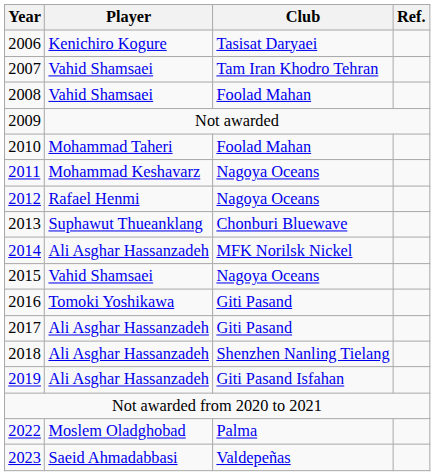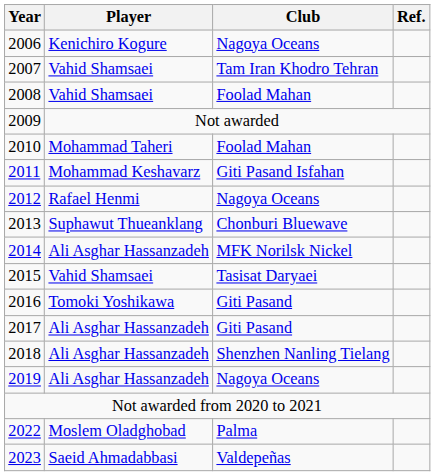 <table class="wikitable">
 <tr>
 <th>Year</th>
 <th>Player</th>
 <th>Club</th>
 <th>Ref.</th>
 </tr>
 <tr>
 <td>2006</td>
 <td> <a href='#'>Kenichiro Kogure</a></td>
-<td> <a href='#'>Tasisat Daryaei</a></td>
+<td> <a href='#'>Nagoya Oceans</a></td>
 <td></td>
 </tr>
 <tr>
 <td>2007</td>
 <td> <a href='#'>Vahid Shamsaei</a></td>
 <td> <a href='#'>Tam Iran Khodro Tehran</a></td>
 <td></td>
 </tr>
 <tr>
 <td>2008</td>
 <td> <a href='#'>Vahid Shamsaei</a></td>
 <td> <a href='#'>Foolad Mahan</a></td>
 <td></td>
 </tr>
 <tr>
 <td>2009</td>
 <td colspan=3 align=center>Not awarded</td>
 </tr>
 <tr>
 <td>2010</td>
 <td> <a href='#'>Mohammad Taheri</a></td>
 <td> <a href='#'>Foolad Mahan</a></td>
 <td></td>
 </tr>
 <tr>
 <td><a href='#'>2011</a></td>
 <td> <a href='#'>Mohammad Keshavarz</a></td>
-<td> <a href='#'>Nagoya Oceans</a></td>
+<td> <a href='#'>Giti Pasand Isfahan</a></td>
 <td></td>
 </tr>
 <tr>
 <td><a href='#'>2012</a></td>
 <td> <a href='#'>Rafael Henmi</a></td>
 <td> <a href='#'>Nagoya Oceans</a></td>
 <td></td>
 </tr>
 <tr>
 <td>2013</td>
 <td> <a href='#'>Suphawut Thueanklang</a></td>
 <td> <a href='#'>Chonburi Bluewave</a></td>
 <td></td>
 </tr>
 <tr>
 <td><a href='#'>2014</a></td>
 <td> <a href='#'>Ali Asghar Hassanzadeh</a></td>
 <td> <a href='#'>MFK Norilsk Nickel</a></td>
 <td></td>
 </tr>
 <tr>
 <td>2015</td>
 <td> <a href='#'>Vahid Shamsaei</a></td>
-<td> <a href='#'>Nagoya Oceans</a></td>
+<td> <a href='#'>Tasisat Daryaei</a></td>
 <td></td>
 </tr>
 <tr>
 <td>2016</td>
 <td> <a href='#'>Tomoki Yoshikawa</a></td>
 <td> <a href='#'>Giti Pasand</a></td>
 <td></td>
 </tr>
 <tr>
 <td>2017</td>
 <td> <a href='#'>Ali Asghar Hassanzadeh</a></td>
 <td> <a href='#'>Giti Pasand</a></td>
 <td></td>
 </tr>
 <tr>
 <td>2018</td>
 <td> <a href='#'>Ali Asghar Hassanzadeh</a></td>
 <td> <a href='#'>Shenzhen Nanling Tielang</a></td>
 <td></td>
 </tr>
 <tr>
 <td><a href='#'>2019</a></td>
 <td> <a href='#'>Ali Asghar Hassanzadeh</a></td>
-<td> <a href='#'>Giti Pasand Isfahan</a></td>
+<td> <a href='#'>Nagoya Oceans</a></td>
 <td></td>
 </tr>
 <tr>
 <td align="center" colspan="4">Not awarded from 2020 to 2021</td>
 </tr>
 <tr>
 <td><a href='#'>2022</a></td>
 <td> <a href='#'>Moslem Oladghobad</a></td>
 <td> <a href='#'>Palma</a></td>
 <td></td>
 </tr>
 <tr>
 <td><a href='#'>2023</a></td>
 <td> <a href='#'>Saeid Ahmadabbasi</a></td>
 <td> <a href='#'>Valdepeñas</a></td>
 <td></td>
 </tr>
 </table>
